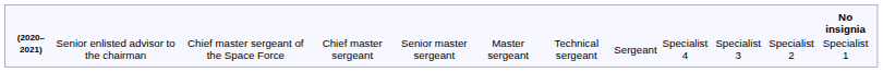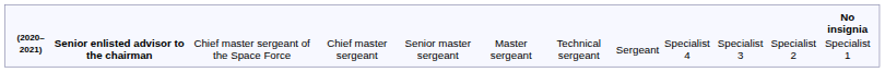 <table style="border:1px solid #8888aa; background-color:#f7f8ff; padding:5px; font-size:95%; margin: 0px 12px 12px 0px;">
 <tr style="text-align:center;">
 <td rowspan=2><strong><br><small>(2020–2021)</small></strong></td>
 <td colspan=1></td>
 <td colspan=2></td>
 <td colspan=3></td>
 <td colspan=2></td>
 <td colspan=2></td>
 <td colspan=6></td>
 <td colspan=6></td>
 <td colspan=4></td>
 <td colspan=2></td>
 <td colspan=6></td>
 <td colspan=2><strong>No insignia</strong></td>
 </tr>
 <tr style="text-align:center;">
-<td colspan=1>Senior enlisted advisor to the chairman</td>
+<td colspan=1><strong>Senior enlisted advisor to the chairman</strong></td>
 <td colspan=2>Chief master sergeant of the Space Force</td>
 <td colspan=3>Chief master sergeant</td>
 <td colspan=2>Senior master sergeant</td>
 <td colspan=2>Master sergeant</td>
 <td colspan=6>Technical sergeant</td>
 <td colspan=6>Sergeant</td>
 <td colspan=4>Specialist 4</td>
 <td colspan=2>Specialist 3</td>
 <td colspan=6>Specialist 2</td>
 <td colspan=2>Specialist 1<br></td>
 </tr>
 </table>
